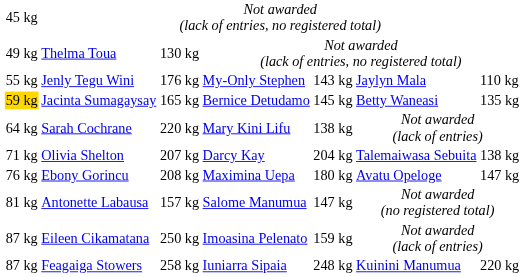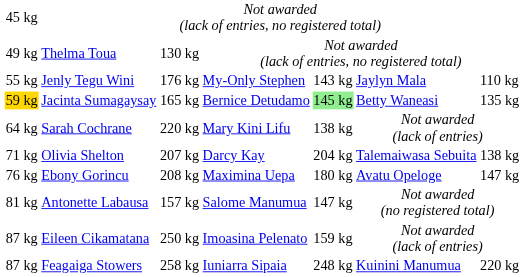 <table>
 <tr>
 <td>45 kg</td>
 <td align=center colspan=6><em>Not awarded<br>(lack of entries, no registered total)</em></td>
 </tr>
 <tr>
 <td>49 kg</td>
 <td><a href='#'>Thelma Toua</a><br></td>
 <td>130 kg</td>
 <td align=center colspan=4><em>Not awarded<br>(lack of entries, no registered total)</em></td>
 </tr>
 <tr>
 <td>55 kg</td>
 <td><a href='#'>Jenly Tegu Wini</a><br></td>
 <td>176 kg</td>
 <td><a href='#'>My-Only Stephen</a><br></td>
 <td>143 kg</td>
 <td><a href='#'>Jaylyn Mala</a><br></td>
 <td>110 kg</td>
 </tr>
 <tr>
 <td style="background: gold;">59 kg</td>
 <td><a href='#'>Jacinta Sumagaysay</a><br></td>
 <td>165 kg</td>
 <td><a href='#'>Bernice Detudamo</a><br></td>
-<td>145 kg</td>
+<td style="background: lightgreen;">145 kg</td>
 <td><a href='#'>Betty Waneasi</a><br></td>
 <td>135 kg</td>
 </tr>
 <tr>
 <td>64 kg</td>
 <td><a href='#'>Sarah Cochrane</a><br></td>
 <td>220 kg</td>
 <td><a href='#'>Mary Kini Lifu</a><br></td>
 <td>138 kg</td>
 <td align=center colspan=2><em>Not awarded<br>(lack of entries)</em></td>
 </tr>
 <tr>
 <td>71 kg</td>
 <td><a href='#'>Olivia Shelton</a><br></td>
 <td>207 kg</td>
 <td><a href='#'>Darcy Kay</a><br></td>
 <td>204 kg</td>
 <td><a href='#'>Talemaiwasa Sebuita</a><br></td>
 <td>138 kg</td>
 </tr>
 <tr>
 <td>76 kg</td>
 <td><a href='#'>Ebony Gorincu</a><br></td>
 <td>208 kg</td>
 <td><a href='#'>Maximina Uepa</a><br></td>
 <td>180 kg</td>
 <td><a href='#'>Avatu Opeloge</a><br></td>
 <td>147 kg</td>
 </tr>
 <tr>
 <td>81 kg</td>
 <td><a href='#'>Antonette Labausa</a><br></td>
 <td>157 kg</td>
 <td><a href='#'>Salome Manumua</a><br></td>
 <td>147 kg</td>
 <td align=center colspan=2><em>Not awarded<br>(no registered total)</em></td>
 </tr>
 <tr>
 <td>87 kg</td>
 <td><a href='#'>Eileen Cikamatana</a><br></td>
 <td>250 kg</td>
 <td><a href='#'>Imoasina Pelenato</a><br></td>
 <td>159 kg</td>
 <td align=center colspan=2><em>Not awarded<br>(lack of entries)</em></td>
 </tr>
 <tr>
 <td>87 kg</td>
 <td><a href='#'>Feagaiga Stowers</a><br></td>
 <td>258 kg</td>
 <td><a href='#'>Iuniarra Sipaia</a><br></td>
 <td>248 kg</td>
 <td><a href='#'>Kuinini Manumua</a><br></td>
 <td>220 kg</td>
 </tr>
 </table>
